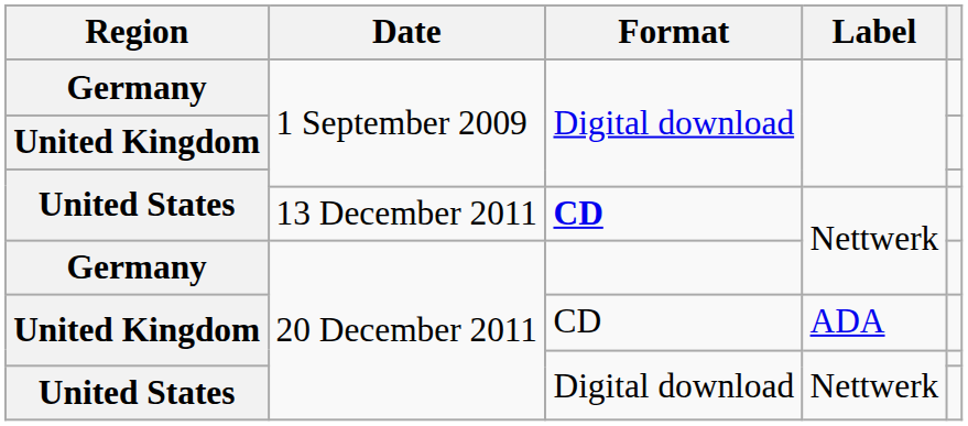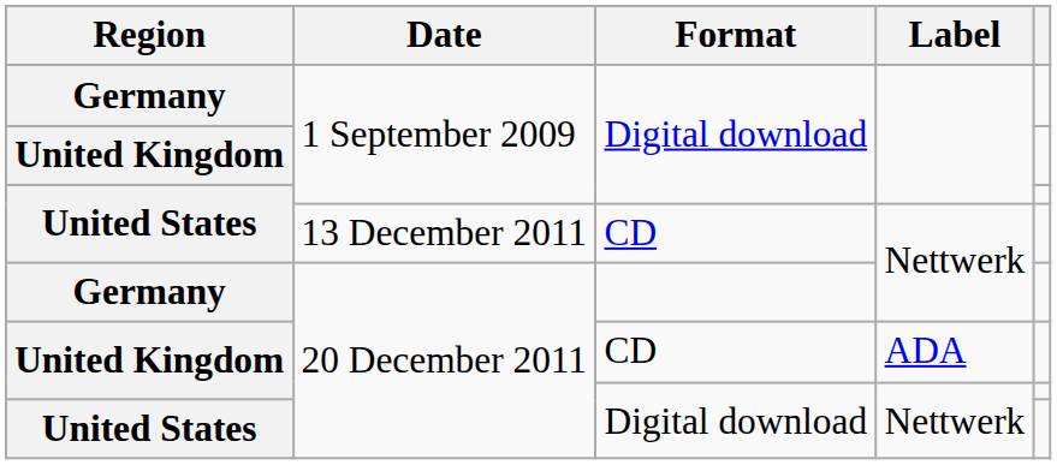 <table class="wikitable plainrowheaders">
 <tr>
 <th scope="col">Region</th>
 <th scope="col">Date</th>
 <th scope="col">Format</th>
 <th scope="col">Label</th>
 <th scope="col"></th>
 </tr>
 <tr>
 <th scope="row">Germany</th>
 <td rowspan="3">1 September 2009</td>
 <td rowspan="3"><a href='#'>Digital download</a></td>
 <td rowspan="3"></td>
 <td align="center"></td>
 </tr>
 <tr>
 <th scope="row">United Kingdom</th>
 <td align="center"></td>
 </tr>
 <tr>
 <th scope="row" rowspan="2">United States</th>
 <td align="center"></td>
 </tr>
 <tr>
 <td>13 December 2011</td>
-<td><strong><a href='#'>CD</a></strong></td>
+<td><a href='#'>CD</a></td>
 <td rowspan="2">Nettwerk</td>
 <td align="center"></td>
 </tr>
 <tr>
 <th scope="row">Germany</th>
 <td rowspan="4">20 December 2011</td>
 <td></td>
 <td align="center"></td>
 </tr>
 <tr>
 <th scope="row" rowspan="2">United Kingdom</th>
 <td>CD</td>
 <td><a href='#'>ADA</a></td>
 <td align="center"></td>
 </tr>
 <tr>
 <td rowspan="2">Digital download</td>
 <td rowspan="2">Nettwerk</td>
 <td align="center"></td>
 </tr>
 <tr>
 <th scope="row">United States</th>
 <td align="center"></td>
 </tr>
 </table>
